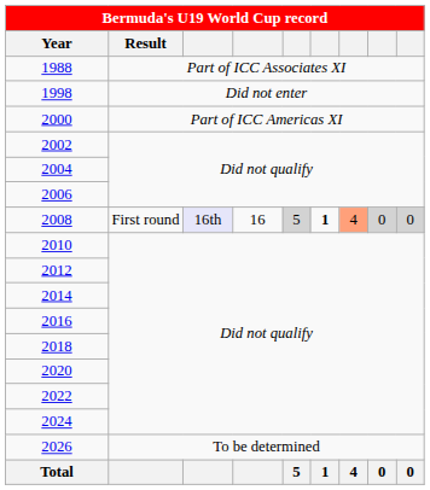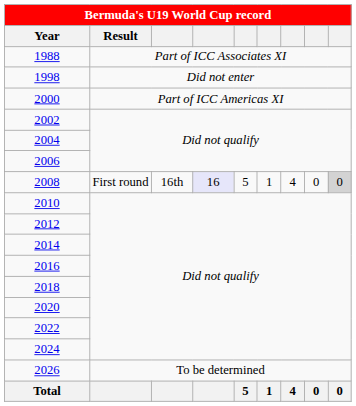 <table class="wikitable" style="font-size:90%; text-align:center;">
 <tr>
 <th style="color:white; background:red;" colspan=9>Bermuda's U19 World Cup record</th>
 </tr>
 <tr>
 <th width="90">Year</th>
 <th>Result</th>
 <th width="40"></th>
 <th width="40"></th>
 <th width="20"></th>
 <th width="20"></th>
 <th width="20"></th>
 <th width="20"></th>
 <th width="20"></th>
 </tr>
 <tr>
 <td> <a href='#'>1988</a></td>
 <td colspan=8><em>Part of ICC Associates XI</em></td>
 </tr>
 <tr>
 <td> <a href='#'>1998</a></td>
 <td colspan=8><em>Did not enter</em></td>
 </tr>
 <tr>
 <td> <a href='#'>2000</a></td>
 <td colspan=8><em>Part of ICC Americas XI</em></td>
 </tr>
 <tr>
 <td> <a href='#'>2002</a></td>
 <td colspan=8 rowspan=3><em>Did not qualify</em></td>
 </tr>
 <tr>
 <td> <a href='#'>2004</a></td>
 </tr>
 <tr>
 <td> <a href='#'>2006</a></td>
 </tr>
 <tr>
 <td> <a href='#'>2008</a></td>
 <td>First round</td>
-<td style="background: lavender;">16th</td>
-<td>16</td>
-<td style="background: lightgrey;">5</td>
-<td><strong>1</strong></td>
-<td style="background: lightsalmon;">4</td>
-<td style="background: lightgrey;">0</td>
+<td>16th</td>
+<td style="background: lavender;">16</td>
+<td>5</td>
+<td>1</td>
+<td>4</td>
+<td>0</td>
 <td style="background: lightgrey;">0</td>
 </tr>
 <tr>
 <td> <a href='#'>2010</a></td>
 <td colspan=8 rowspan=8><em>Did not qualify</em></td>
 </tr>
 <tr>
 <td> <a href='#'>2012</a></td>
 </tr>
 <tr>
 <td> <a href='#'>2014</a></td>
 </tr>
 <tr>
 <td> <a href='#'>2016</a></td>
 </tr>
 <tr>
 <td> <a href='#'>2018</a></td>
 </tr>
 <tr>
 <td> <a href='#'>2020</a></td>
 </tr>
 <tr>
 <td> <a href='#'>2022</a></td>
 </tr>
 <tr>
 <td> <a href='#'>2024</a></td>
 </tr>
 <tr>
 <td>  <a href='#'>2026</a></td>
 <td colspan=8>To be determined</td>
 </tr>
 <tr>
 <th>Total</th>
 <th></th>
 <th></th>
 <th></th>
 <th>5</th>
 <th>1</th>
 <th>4</th>
 <th>0</th>
 <th>0</th>
 </tr>
 </table>
